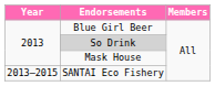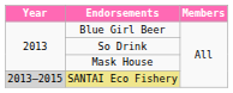 <table class="wikitable" style="text-align:center">
 <tr>
 <th style="background:#FF69B4; color:white">Year</th>
 <th style="background:#FF69B4; color:white">Endorsements</th>
 <th style="background:#FF69B4; color:white">Members</th>
 </tr>
 <tr>
 <td rowspan=3>2013</td>
 <td>Blue Girl Beer</td>
 <td rowspan=4>All</td>
 </tr>
 <tr>
-<td style="background: lightgrey;">So Drink</td>
+<td>So Drink</td>
 </tr>
 <tr>
 <td>Mask House</td>
 </tr>
 <tr>
-<td>2013–2015</td>
-<td>SANTAI Eco Fishery</td>
+<td style="background: lightgrey;">2013–2015</td>
+<td style="background: khaki;">SANTAI Eco Fishery</td>
 </tr>
 </table>
